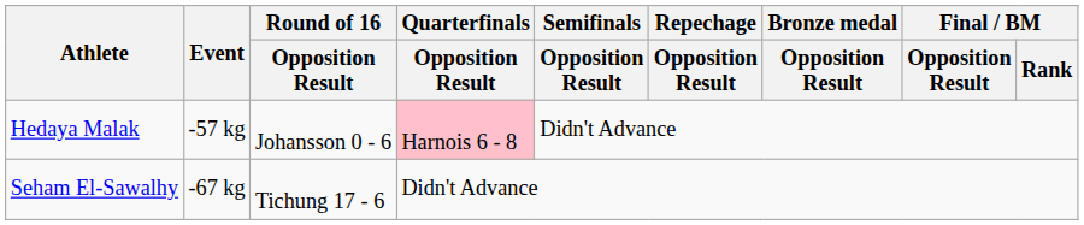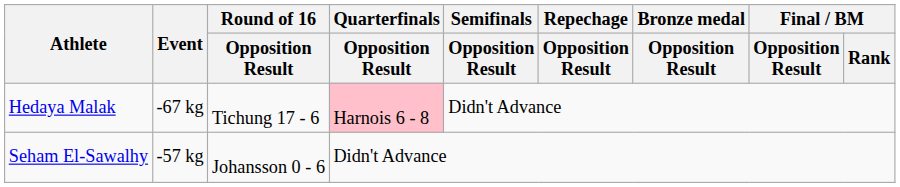 <table class="wikitable">
 <tr>
 <th rowspan="2">Athlete</th>
 <th rowspan="2">Event</th>
 <th>Round of 16</th>
 <th>Quarterfinals</th>
 <th>Semifinals</th>
 <th>Repechage</th>
 <th>Bronze medal</th>
 <th colspan="2">Final / <abbr>BM</abbr></th>
 </tr>
 <tr>
 <th>Opposition<br>Result</th>
 <th>Opposition<br>Result</th>
 <th>Opposition<br>Result</th>
 <th>Opposition<br>Result</th>
 <th>Opposition<br>Result</th>
 <th>Opposition<br>Result</th>
 <th>Rank</th>
 </tr>
 <tr>
 <td><a href='#'>Hedaya Malak</a></td>
-<td>-57 kg</td>
-<td><br>Johansson 0 - 6</td>
+<td>-67 kg</td>
+<td><br>Tichung 17 - 6</td>
 <td style="background: pink;"><br>Harnois 6 - 8</td>
 <td colspan="5">Didn't Advance</td>
 </tr>
 <tr>
 <td><a href='#'>Seham El-Sawalhy</a></td>
-<td>-67 kg</td>
-<td><br>Tichung 17 - 6</td>
+<td>-57 kg</td>
+<td><br>Johansson 0 - 6</td>
 <td colspan="6">Didn't Advance</td>
 </tr>
 </table>
